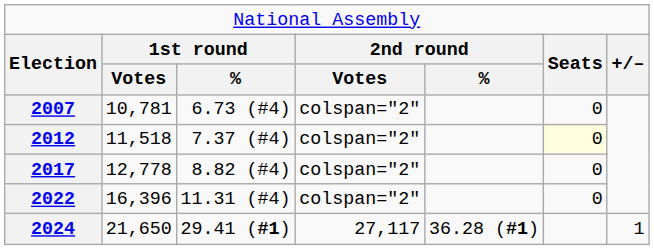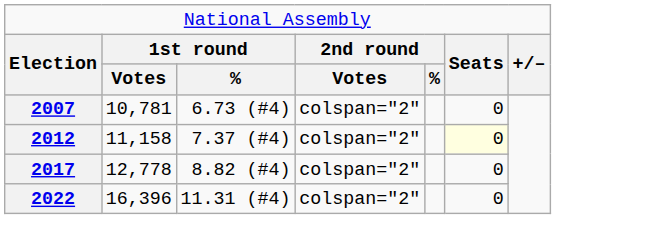 <table class="wikitable" style="text-align:right;">
 <tr>
 <td colspan="7" align="center"><a href='#'>National Assembly</a></td>
 </tr>
 <tr>
 <th rowspan="2">Election</th>
 <th colspan="2">1st round</th>
 <th colspan="2">2nd round</th>
 <th rowspan="2">Seats</th>
 <th rowspan="2">+/–</th>
 </tr>
 <tr>
 <th>Votes</th>
 <th>%</th>
 <th>Votes</th>
 <th>%</th>
 </tr>
 <tr>
 <th><a href='#'>2007</a></th>
 <td>10,781</td>
 <td>6.73 (#4)</td>
 <td>colspan="2" </td>
 <td></td>
 <td>0</td>
 </tr>
 <tr>
 <th><a href='#'>2012</a></th>
-<td>11,518</td>
+<td>11,158</td>
 <td>7.37 (#4)</td>
 <td>colspan="2" </td>
 <td></td>
 <td style="background: lightyellow;">0</td>
 </tr>
 <tr>
 <th><a href='#'>2017</a></th>
 <td>12,778</td>
 <td>8.82 (#4)</td>
 <td>colspan="2" </td>
 <td></td>
 <td>0</td>
 </tr>
 <tr>
 <th><a href='#'>2022</a></th>
 <td>16,396</td>
 <td>11.31 (#4)</td>
 <td>colspan="2" </td>
 <td></td>
 <td>0</td>
 </tr>
-<tr>
-<th><a href='#'>2024</a></th>
-<td>21,650</td>
-<td>29.41 (<strong>#1</strong>)</td>
-<td>27,117</td>
-<td>36.28 (<strong>#1</strong>)</td>
-<td></td>
-<td>1</td>
-</tr>
 </table>
